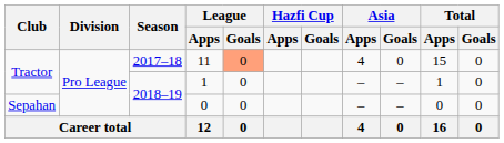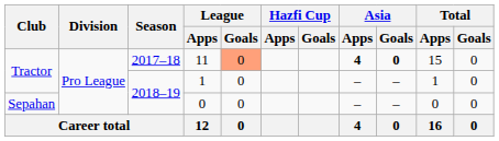 <table class="wikitable" style="text-align: center;">
 <tr>
 <th rowspan="2">Club</th>
 <th rowspan="2">Division</th>
 <th rowspan="2">Season</th>
 <th colspan="2">League</th>
 <th colspan="2"><a href='#'>Hazfi Cup</a></th>
 <th colspan="2"><a href='#'>Asia</a></th>
 <th colspan="2">Total</th>
 </tr>
 <tr>
 <th>Apps</th>
 <th>Goals</th>
 <th>Apps</th>
 <th>Goals</th>
 <th>Apps</th>
 <th>Goals</th>
 <th>Apps</th>
 <th>Goals</th>
 </tr>
 <tr>
 <td rowspan=2><a href='#'>Tractor</a></td>
 <td rowspan=3><a href='#'>Pro League</a></td>
 <td><a href='#'>2017–18</a></td>
 <td>11</td>
 <td style="background: lightsalmon;">0</td>
 <td></td>
 <td></td>
-<td>4</td>
-<td>0</td>
+<td><strong>4</strong></td>
+<td><strong>0</strong></td>
 <td>15</td>
 <td>0</td>
 </tr>
 <tr>
 <td rowspan=2><a href='#'>2018–19</a></td>
 <td>1</td>
 <td>0</td>
 <td></td>
 <td></td>
 <td>–</td>
 <td>–</td>
 <td>1</td>
 <td>0</td>
 </tr>
 <tr>
 <td rowspan=1><a href='#'>Sepahan</a></td>
 <td>0</td>
 <td>0</td>
 <td></td>
 <td></td>
 <td>–</td>
 <td>–</td>
 <td>0</td>
 <td>0</td>
 </tr>
 <tr>
 <th colspan=3>Career total</th>
 <th>12</th>
 <th>0</th>
 <th></th>
 <th></th>
 <th>4</th>
 <th>0</th>
 <th>16</th>
 <th>0</th>
 </tr>
 </table>
